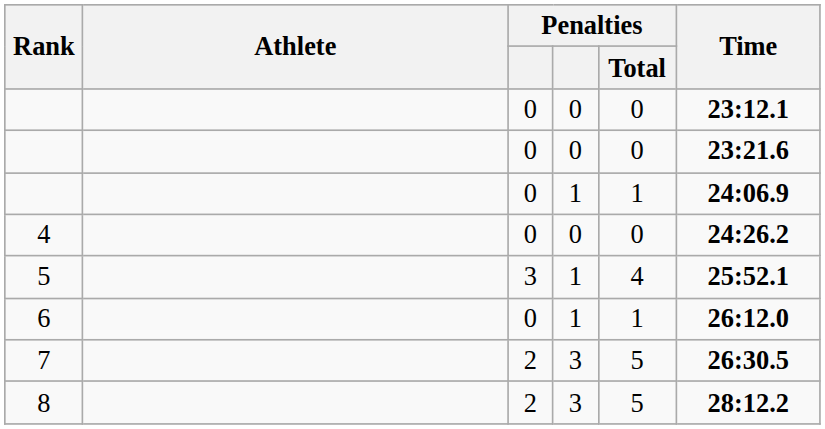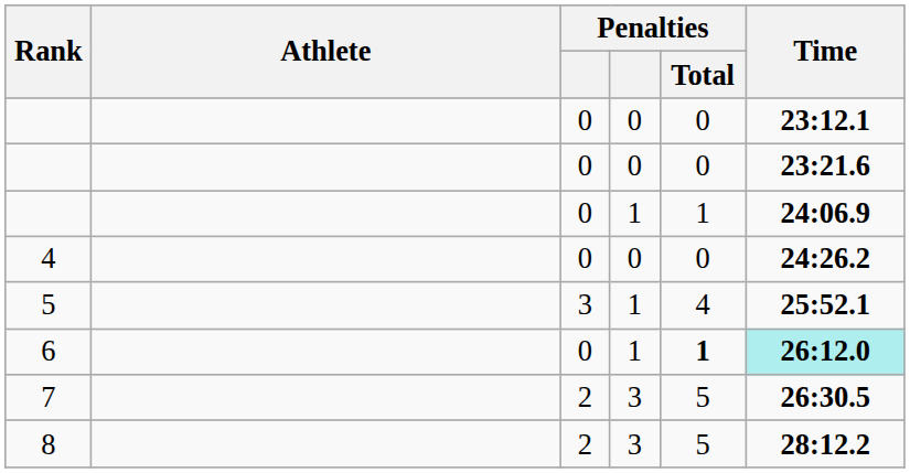 <table class=wikitable style="text-align:center">
 <tr>
 <th rowspan=2 width=40>Rank</th>
 <th rowspan=2 width=250>Athlete</th>
 <th colspan=3>Penalties</th>
 <th rowspan=2 width=80>Time</th>
 </tr>
 <tr>
 <th width=20></th>
 <th width=20></th>
 <th width=40>Total</th>
 </tr>
 <tr>
 <td></td>
 <td align=left></td>
 <td>0</td>
 <td>0</td>
 <td>0</td>
 <td><strong>23:12.1</strong></td>
 </tr>
 <tr>
 <td></td>
 <td align=left></td>
 <td>0</td>
 <td>0</td>
 <td>0</td>
 <td><strong>23:21.6</strong></td>
 </tr>
 <tr>
 <td></td>
 <td align=left></td>
 <td>0</td>
 <td>1</td>
 <td>1</td>
 <td><strong>24:06.9</strong></td>
 </tr>
 <tr>
 <td>4</td>
 <td align=left></td>
 <td>0</td>
 <td>0</td>
 <td>0</td>
 <td><strong>24:26.2</strong></td>
 </tr>
 <tr>
 <td>5</td>
 <td align=left></td>
 <td>3</td>
 <td>1</td>
 <td>4</td>
 <td><strong>25:52.1</strong></td>
 </tr>
 <tr>
 <td>6</td>
 <td align=left></td>
 <td>0</td>
 <td>1</td>
-<td>1</td>
-<td><strong>26:12.0</strong></td>
+<td><strong>1</strong></td>
+<td style="background: paleturquoise;"><strong>26:12.0</strong></td>
 </tr>
 <tr>
 <td>7</td>
 <td align=left></td>
 <td>2</td>
 <td>3</td>
 <td>5</td>
 <td><strong>26:30.5</strong></td>
 </tr>
 <tr>
 <td>8</td>
 <td align=left></td>
 <td>2</td>
 <td>3</td>
 <td>5</td>
 <td><strong>28:12.2</strong></td>
 </tr>
 </table>
